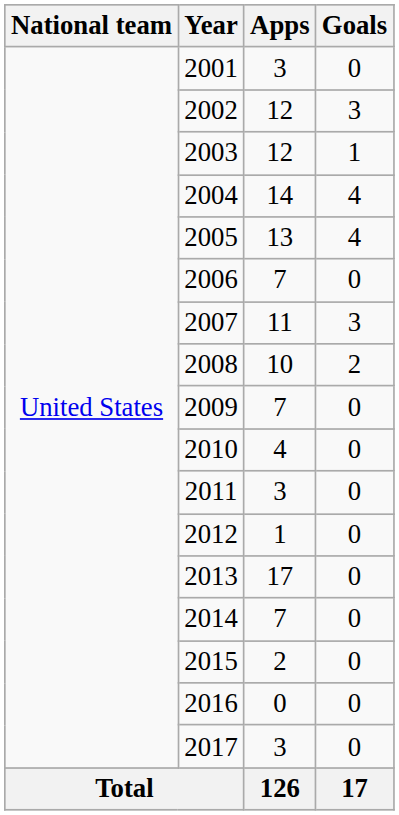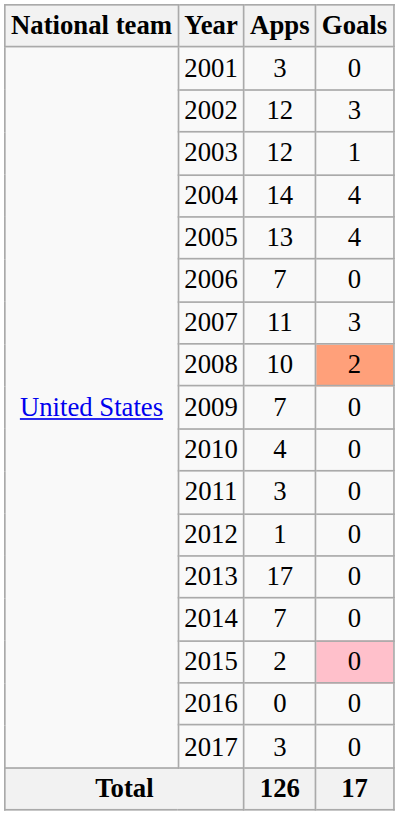 <table class="wikitable" style="text-align:center">
 <tr>
 <th>National team</th>
 <th>Year</th>
 <th>Apps</th>
 <th>Goals</th>
 </tr>
 <tr>
 <td rowspan="17"><a href='#'>United States</a></td>
 <td>2001</td>
 <td>3</td>
 <td>0</td>
 </tr>
 <tr>
 <td>2002</td>
 <td>12</td>
 <td>3</td>
 </tr>
 <tr>
 <td>2003</td>
 <td>12</td>
 <td>1</td>
 </tr>
 <tr>
 <td>2004</td>
 <td>14</td>
 <td>4</td>
 </tr>
 <tr>
 <td>2005</td>
 <td>13</td>
 <td>4</td>
 </tr>
 <tr>
 <td>2006</td>
 <td>7</td>
 <td>0</td>
 </tr>
 <tr>
 <td>2007</td>
 <td>11</td>
 <td>3</td>
 </tr>
 <tr>
 <td>2008</td>
 <td>10</td>
-<td>2</td>
+<td style="background: lightsalmon;">2</td>
 </tr>
 <tr>
 <td>2009</td>
 <td>7</td>
 <td>0</td>
 </tr>
 <tr>
 <td>2010</td>
 <td>4</td>
 <td>0</td>
 </tr>
 <tr>
 <td>2011</td>
 <td>3</td>
 <td>0</td>
 </tr>
 <tr>
 <td>2012</td>
 <td>1</td>
 <td>0</td>
 </tr>
 <tr>
 <td>2013</td>
 <td>17</td>
 <td>0</td>
 </tr>
 <tr>
 <td>2014</td>
 <td>7</td>
 <td>0</td>
 </tr>
 <tr>
 <td>2015</td>
 <td>2</td>
-<td>0</td>
+<td style="background: pink;">0</td>
 </tr>
 <tr>
 <td>2016</td>
 <td>0</td>
 <td>0</td>
 </tr>
 <tr>
 <td>2017</td>
 <td>3</td>
 <td>0</td>
 </tr>
 <tr>
 <th colspan="2">Total</th>
 <th>126</th>
 <th>17</th>
 </tr>
 </table>
